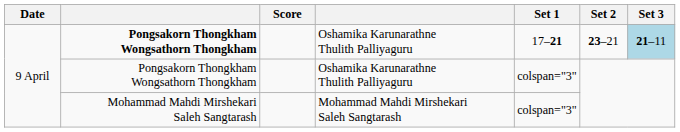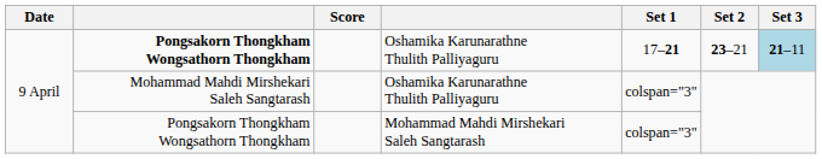 <table class="wikitable" style="text-align: center; font-size:90%">
 <tr>
 <th width="60">Date</th>
 <th align="right" width="230"></th>
 <th width="60">Score</th>
 <th align="left" width="230"></th>
 <th width="50">Set 1</th>
 <th width="50">Set 2</th>
 <th width="50">Set 3</th>
 </tr>
 <tr>
 <td rowspan="3">9 April</td>
 <td align="right"><strong>Pongsakorn Thongkham <br>Wongsathorn Thongkham </strong></td>
 <td></td>
 <td align="left"> Oshamika Karunarathne<br> Thulith Palliyaguru</td>
 <td>17–<strong>21</strong></td>
 <td><strong>23</strong>–21</td>
 <td style="background: lightblue;"><strong>21</strong>–11</td>
 </tr>
 <tr>
-<td align="right">Pongsakorn Thongkham <br>Wongsathorn Thongkham </td>
+<td align="right">Mohammad Mahdi Mirshekari <br>Saleh Sangtarash </td>
 <td></td>
 <td align="left"> Oshamika Karunarathne<br> Thulith Palliyaguru</td>
 <td>colspan="3" </td>
 </tr>
 <tr>
-<td align="right">Mohammad Mahdi Mirshekari <br>Saleh Sangtarash </td>
+<td align="right">Pongsakorn Thongkham <br>Wongsathorn Thongkham </td>
 <td></td>
 <td align="left"> Mohammad Mahdi Mirshekari<br> Saleh Sangtarash</td>
 <td>colspan="3" </td>
 </tr>
 </table>
